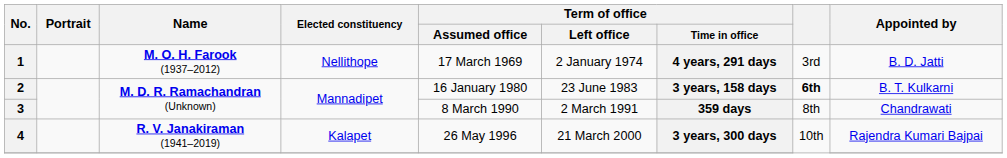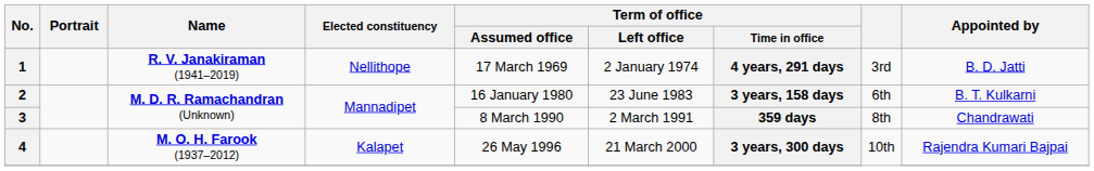 <table class="wikitable sortable" style="width:100%; text-align:center">
 <tr>
 <th rowspan="2" style="background-color:">No.</th>
 <th rowspan="2" style="background-color:">Portrait</th>
 <th rowspan="2" style="background-color:">Name<br><small></small></th>
 <th rowspan="2" style="background-color:"><small>Elected constituency</small></th>
 <th colspan="3" style="background-color:">Term of office</th>
 <th rowspan="2" style="background-color:"><a href='#'></a><br></th>
 <th rowspan="2" style="background-color:">Appointed by<br><small><a href='#'></a></small></th>
 </tr>
 <tr>
 <th style="background-color:">Assumed office</th>
 <th style="background-color:">Left office</th>
 <th style="background-color:"><small>Time in office</small></th>
 </tr>
 <tr>
 <th>1</th>
 <td></td>
-<td><strong><a href='#'>M. O. H. Farook</a></strong><br><small>(1937–2012)</small></td>
+<td><strong><a href='#'>R. V. Janakiraman</a></strong><br><small>(1941–2019)</small></td>
 <td><a href='#'>Nellithope</a></td>
 <td>17 March 1969</td>
 <td>2 January 1974</td>
 <th>4 years, 291 days</th>
 <td>3rd<br></td>
 <td><a href='#'>B. D. Jatti</a></td>
 </tr>
 <tr>
 <th>2</th>
 <td rowspan="2"></td>
 <td rowspan="2"><strong><a href='#'>M. D. R. Ramachandran</a></strong><br><small>(Unknown)</small></td>
 <td rowspan="2"><a href='#'>Mannadipet</a></td>
 <td>16 January 1980</td>
 <td>23 June 1983</td>
 <th>3 years, 158 days</th>
-<td><strong>6th<br></strong></td>
+<td>6th<br></td>
 <td><a href='#'>B. T. Kulkarni</a></td>
 </tr>
 <tr>
 <th>3</th>
 <td>8 March 1990</td>
 <td>2 March 1991</td>
 <th>359 days</th>
 <td>8th<br></td>
 <td><a href='#'>Chandrawati</a></td>
 </tr>
 <tr>
 <th>4</th>
 <td></td>
-<td><strong><a href='#'>R. V. Janakiraman</a></strong><br><small>(1941–2019)</small></td>
+<td><strong><a href='#'>M. O. H. Farook</a></strong><br><small>(1937–2012)</small></td>
 <td><a href='#'>Kalapet</a></td>
 <td>26 May 1996</td>
 <td>21 March 2000</td>
 <th>3 years, 300 days</th>
 <td rowspan = "2">10th<br></td>
 <td><a href='#'>Rajendra Kumari Bajpai</a></td>
 </tr>
 <tr>
 </tr>
 </table>
